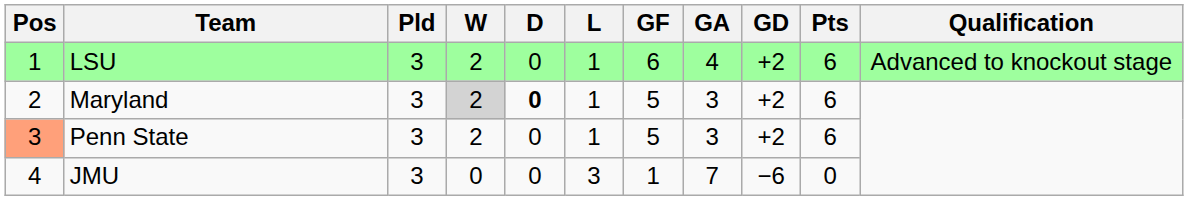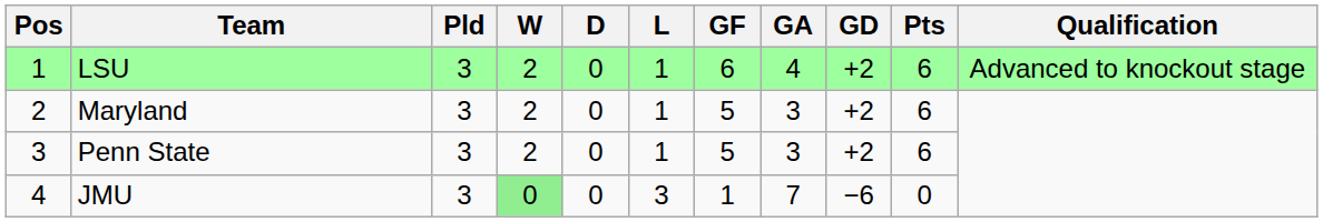 <table class="wikitable" style="text-align:center; margin: 1em auto">
 <tr>
 <th style="width:2em">Pos</th>
 <th style="width:13em">Team</th>
 <th style="width:2em">Pld</th>
 <th style="width:2em">W</th>
 <th style="width:2em">D</th>
 <th style="width:2em">L</th>
 <th style="width:2em">GF</th>
 <th style="width:2em">GA</th>
 <th style="width:2em">GD</th>
 <th style="width:2em">Pts</th>
 <th style="width:13em">Qualification</th>
 </tr>
 <tr bgcolor="#9eff9e">
 <td>1</td>
 <td style="text-align:left">LSU</td>
 <td>3</td>
 <td>2</td>
 <td>0</td>
 <td>1</td>
 <td>6</td>
 <td>4</td>
 <td>+2</td>
 <td>6</td>
 <td>Advanced to knockout stage</td>
 </tr>
 <tr>
 <td>2</td>
 <td style="text-align:left">Maryland</td>
 <td>3</td>
-<td style="background: lightgrey;">2</td>
-<td><strong>0</strong></td>
+<td>2</td>
+<td>0</td>
 <td>1</td>
 <td>5</td>
 <td>3</td>
 <td>+2</td>
 <td>6</td>
 <td rowspan="3"></td>
 </tr>
 <tr>
-<td style="background: lightsalmon;">3</td>
+<td>3</td>
 <td style="text-align:left">Penn State</td>
 <td>3</td>
 <td>2</td>
 <td>0</td>
 <td>1</td>
 <td>5</td>
 <td>3</td>
 <td>+2</td>
 <td>6</td>
 </tr>
 <tr>
 <td>4</td>
 <td style="text-align:left">JMU</td>
 <td>3</td>
-<td>0</td>
+<td style="background: lightgreen;">0</td>
 <td>0</td>
 <td>3</td>
 <td>1</td>
 <td>7</td>
 <td>−6</td>
 <td>0</td>
 </tr>
 </table>
